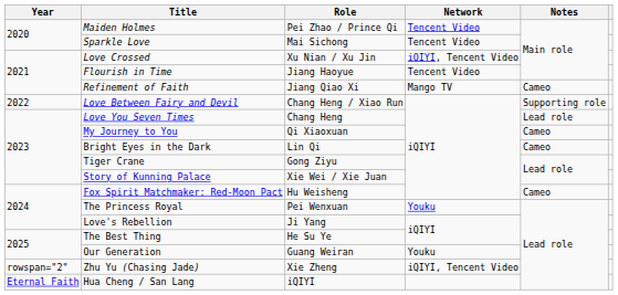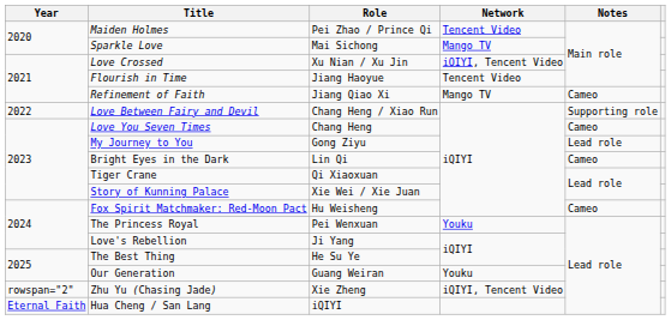 <table class="wikitable sortable plainrowheaders">
 <tr>
 <th scope="col">Year</th>
 <th scope="col">Title</th>
 <th scope="col">Role</th>
 <th scope="col">Network</th>
 <th scope="col">Notes</th>
 <th scope="col" class="unsortable"></th>
 </tr>
 <tr>
 <td rowspan="2">2020</td>
 <td><em>Maiden Holmes</em></td>
 <td>Pei Zhao / Prince Qi</td>
 <td><a href='#'>Tencent Video</a></td>
 <td rowspan="4">Main role</td>
 <td></td>
 </tr>
 <tr>
 <td><em>Sparkle Love</em></td>
 <td>Mai Sichong</td>
-<td>Tencent Video</td>
+<td><a href='#'>Mango TV</a></td>
 <td></td>
 </tr>
 <tr>
 <td rowspan="3">2021</td>
 <td><em>Love Crossed</em></td>
 <td>Xu Nian / Xu Jin</td>
 <td><a href='#'>iQIYI</a>, Tencent Video</td>
 <td></td>
 </tr>
 <tr>
 <td><em>Flourish in Time</em></td>
 <td>Jiang Haoyue</td>
 <td>Tencent Video</td>
 <td></td>
 </tr>
 <tr>
 <td><em>Refinement of Faith</em></td>
 <td>Jiang Qiao Xi</td>
 <td>Mango TV</td>
 <td>Cameo</td>
 <td></td>
 </tr>
 <tr>
 <td>2022</td>
 <td><em><a href='#'>Love Between Fairy and Devil</a></em></td>
 <td>Chang Heng / Xiao Run</td>
 <td rowspan="7">iQIYI</td>
 <td>Supporting role</td>
 <td></td>
 </tr>
 <tr>
 <td rowspan="5">2023</td>
 <td><em><a href='#'>Love You Seven Times</a></td>
 <td>Chang Heng</td>
-<td>Lead role</td>
+<td>Cameo</td>
 <td></td>
 </tr>
 <tr>
 <td></em><a href='#'>My Journey to You</a><em></td>
-<td>Qi Xiaoxuan</td>
-<td>Cameo</td>
+<td>Gong Ziyu</td>
+<td>Lead role</td>
 <td></td>
 </tr>
 <tr>
 <td></em>Bright Eyes in the Dark<em></td>
 <td>Lin Qi</td>
 <td>Cameo</td>
 <td></td>
 </tr>
 <tr>
 <td></em>Tiger Crane<em></td>
-<td>Gong Ziyu</td>
+<td>Qi Xiaoxuan</td>
 <td rowspan="2">Lead role</td>
 <td></td>
 </tr>
 <tr>
 <td></em><a href='#'>Story of Kunning Palace</a><em></td>
 <td>Xie Wei / Xie Juan</td>
 <td></td>
 </tr>
 <tr>
 <td rowspan="3">2024</td>
 <td></em><a href='#'>Fox Spirit Matchmaker: Red-Moon Pact</a><em></td>
 <td>Hu Weisheng</td>
 <td>Cameo</td>
 <td></td>
 </tr>
 <tr>
 <td></em>The Princess Royal<em></td>
 <td>Pei Wenxuan</td>
 <td><a href='#'>Youku</a></td>
 <td rowspan="6">Lead role</td>
 <td></td>
 </tr>
 <tr>
 <td></em>Love's Rebellion<em></td>
 <td>Ji Yang</td>
 <td rowspan="2">iQIYI</td>
 <td></td>
 </tr>
 <tr>
 <td rowspan="2">2025</td>
 <td></em>The Best Thing<em></td>
 <td>He Su Ye</td>
 <td></td>
 </tr>
 <tr>
 <td></em>Our Generation<em></td>
 <td>Guang Weiran</td>
 <td>Youku</td>
 <td></td>
 </tr>
 <tr>
 <td>rowspan="2" </td>
 <td></em>Zhu Yu<em> (</em>Chasing Jade<em>)</td>
 <td>Xie Zheng</td>
 <td>iQIYI, Tencent Video</td>
 <td></td>
 </tr>
 <tr>
 <td></em><a href='#'>Eternal Faith</a><em></td>
 <td>Hua Cheng / San Lang</td>
 <td>iQIYI</td>
 <td></td>
 </tr>
 </table>
